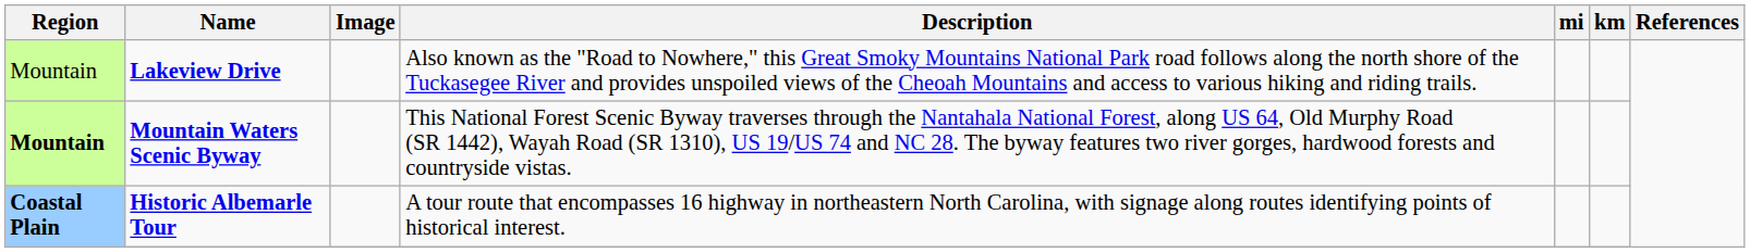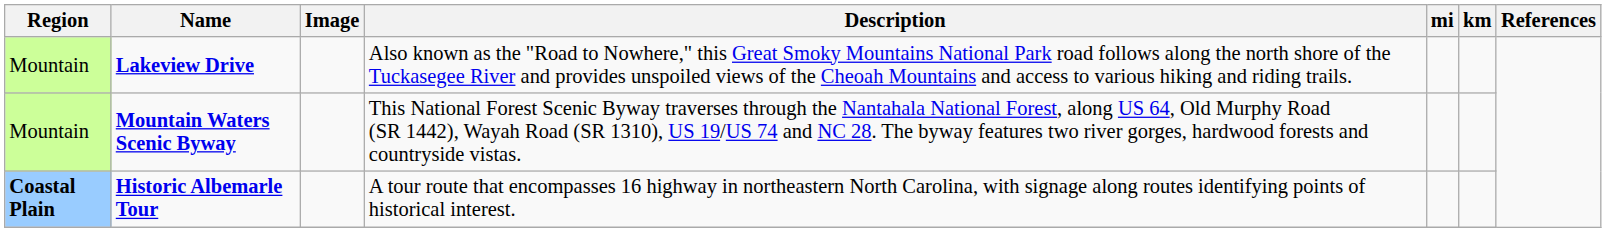 <table class="wikitable sortable">
 <tr>
 <th>Region</th>
 <th>Name</th>
 <th class="unsortable">Image</th>
 <th>Description</th>
 <th>mi</th>
 <th class="unsortable">km</th>
 <th class="unsortable">References</th>
 </tr>
 <tr>
 <td bgcolor=ccff99>Mountain</td>
 <td><strong><a href='#'>Lakeview Drive</a></strong></td>
 <td></td>
 <td>Also known as the "Road to Nowhere," this <a href='#'>Great Smoky Mountains National Park</a> road follows along the north shore of the <a href='#'>Tuckasegee River</a> and provides unspoiled views of the <a href='#'>Cheoah Mountains</a> and access to various hiking and riding trails.</td>
 <td></td>
 <td></td>
 </tr>
 <tr>
-<td bgcolor=ccff99><strong>Mountain</strong></td>
+<td bgcolor=ccff99>Mountain</td>
 <td><strong><a href='#'>Mountain Waters Scenic Byway</a></strong></td>
 <td></td>
 <td>This National Forest Scenic Byway traverses through the <a href='#'>Nantahala National Forest</a>, along <a href='#'>US 64</a>, Old Murphy Road (SR 1442), Wayah Road (SR 1310), <a href='#'>US 19</a>/<a href='#'>US 74</a> and <a href='#'>NC 28</a>. The byway features two river gorges, hardwood forests and countryside vistas.</td>
 <td></td>
 <td></td>
 </tr>
 <tr>
 <td bgcolor=99ccff><strong>Coastal Plain</strong></td>
 <td><strong><a href='#'>Historic Albemarle Tour</a></strong></td>
 <td></td>
 <td>A tour route that encompasses 16 highway in northeastern North Carolina, with signage along routes identifying points of historical interest.</td>
 <td></td>
 <td></td>
 </tr>
 <tr>
 </tr>
 </table>
